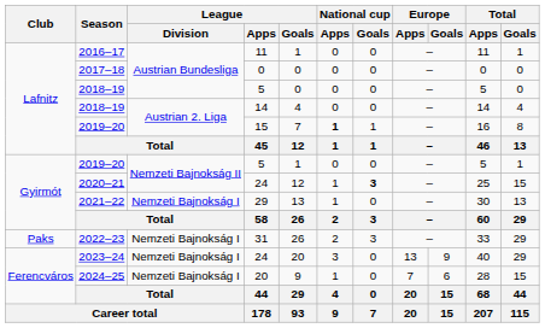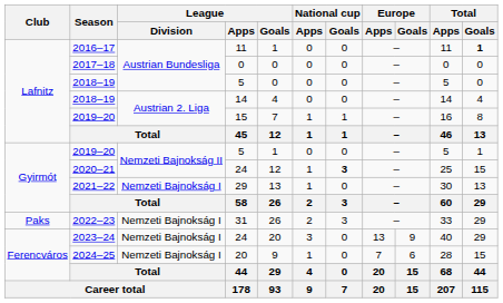 <table class="wikitable" style="text-align: center">
 <tr>
 <th rowspan="2">Club</th>
 <th rowspan="2">Season</th>
 <th colspan="3">League</th>
 <th colspan="2">National cup</th>
 <th colspan="2">Europe</th>
 <th colspan="2">Total</th>
 </tr>
 <tr>
 <th>Division</th>
 <th>Apps</th>
 <th>Goals</th>
 <th>Apps</th>
 <th>Goals</th>
 <th>Apps</th>
 <th>Goals</th>
 <th>Apps</th>
 <th>Goals</th>
 </tr>
 <tr>
 <td rowspan="6"><a href='#'>Lafnitz</a></td>
 <td><a href='#'>2016–17</a></td>
 <td rowspan="3"><a href='#'>Austrian Bundesliga</a></td>
 <td>11</td>
 <td>1</td>
 <td>0</td>
 <td>0</td>
 <td colspan="2">–</td>
 <td>11</td>
-<td>1</td>
+<td><strong>1</strong></td>
 </tr>
 <tr>
 <td><a href='#'>2017–18</a></td>
 <td>0</td>
 <td>0</td>
 <td>0</td>
 <td>0</td>
 <td colspan="2">–</td>
 <td>0</td>
 <td>0</td>
 </tr>
 <tr>
 <td><a href='#'>2018–19</a></td>
 <td>5</td>
 <td>0</td>
 <td>0</td>
 <td>0</td>
 <td colspan="2">–</td>
 <td>5</td>
 <td>0</td>
 </tr>
 <tr>
 <td><a href='#'>2018–19</a></td>
 <td rowspan="2"><a href='#'>Austrian 2. Liga</a></td>
 <td>14</td>
 <td>4</td>
 <td>0</td>
 <td>0</td>
 <td colspan="2">–</td>
 <td>14</td>
 <td>4</td>
 </tr>
 <tr>
 <td><a href='#'>2019–20</a></td>
 <td>15</td>
 <td>7</td>
-<td><strong>1</strong></td>
+<td>1</td>
 <td>1</td>
 <td colspan="2">–</td>
 <td>16</td>
 <td>8</td>
 </tr>
 <tr>
 <th colspan="2">Total</th>
 <th>45</th>
 <th>12</th>
 <th>1</th>
 <th>1</th>
 <th colspan="2">–</th>
 <th>46</th>
 <th>13</th>
 </tr>
 <tr>
 <td rowspan="4"><a href='#'>Gyirmót</a></td>
 <td><a href='#'>2019–20</a></td>
 <td rowspan="2"><a href='#'>Nemzeti Bajnokság II</a></td>
 <td>5</td>
 <td>1</td>
 <td>0</td>
 <td>0</td>
 <td colspan="2">–</td>
 <td>5</td>
 <td>1</td>
 </tr>
 <tr>
 <td><a href='#'>2020–21</a></td>
 <td>24</td>
 <td>12</td>
 <td>1</td>
 <td><strong>3</strong></td>
 <td colspan="2">–</td>
 <td>25</td>
 <td>15</td>
 </tr>
 <tr>
 <td><a href='#'>2021–22</a></td>
 <td><a href='#'>Nemzeti Bajnokság I</a></td>
 <td>29</td>
 <td>13</td>
 <td>1</td>
 <td>0</td>
 <td colspan="2">–</td>
 <td>30</td>
 <td>13</td>
 </tr>
 <tr>
 <th colspan="2">Total</th>
 <th>58</th>
 <th>26</th>
 <th>2</th>
 <th>3</th>
 <th colspan="2">–</th>
 <th>60</th>
 <th>29</th>
 </tr>
 <tr>
 <td><a href='#'>Paks</a></td>
 <td><a href='#'>2022–23</a></td>
 <td>Nemzeti Bajnokság I</td>
 <td>31</td>
 <td>26</td>
 <td>2</td>
 <td>3</td>
 <td colspan="2">–</td>
 <td>33</td>
 <td>29</td>
 </tr>
 <tr>
 <td rowspan="3"><a href='#'>Ferencváros</a></td>
 <td><a href='#'>2023–24</a></td>
 <td>Nemzeti Bajnokság I</td>
 <td>24</td>
 <td>20</td>
 <td>3</td>
 <td>0</td>
 <td>13</td>
 <td>9</td>
 <td>40</td>
 <td>29</td>
 </tr>
 <tr>
 <td><a href='#'>2024–25</a></td>
 <td>Nemzeti Bajnokság I</td>
 <td>20</td>
 <td>9</td>
 <td>1</td>
 <td>0</td>
 <td>7</td>
 <td>6</td>
 <td>28</td>
 <td>15</td>
 </tr>
 <tr>
 <th colspan="2">Total</th>
 <th>44</th>
 <th>29</th>
 <th>4</th>
 <th>0</th>
 <th>20</th>
 <th>15</th>
 <th>68</th>
 <th>44</th>
 </tr>
 <tr>
 <th colspan="3">Career total</th>
 <th>178</th>
 <th>93</th>
 <th>9</th>
 <th>7</th>
 <th>20</th>
 <th>15</th>
 <th>207</th>
 <th>115</th>
 </tr>
 </table>
